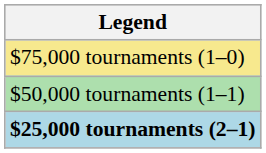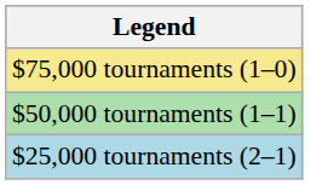 <table class="wikitable" style="font-size:85%">
 <tr>
 <th>Legend</th>
 </tr>
 <tr style="background:#f7e98e;">
 <td>$75,000 tournaments (1–0)</td>
 </tr>
 <tr style="background:#addfad;">
 <td>$50,000 tournaments (1–1)</td>
 </tr>
 <tr style="background:lightblue;">
-<td><strong>$25,000 tournaments (2–1)</strong></td>
+<td>$25,000 tournaments (2–1)</td>
 </tr>
 </table>
